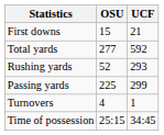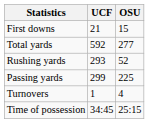 <table class="wikitable" style="float: left;">
 <tr>
 <th>Statistics</th>
+<th>UCF</th>
 <th>OSU</th>
-<th>UCF</th>
 </tr>
 <tr>
 <td>First downs</td>
+<td>21</td>
 <td>15</td>
-<td>21</td>
 </tr>
 <tr>
 <td>Total yards</td>
+<td>592</td>
 <td>277</td>
-<td>592</td>
 </tr>
 <tr>
 <td>Rushing yards</td>
+<td>293</td>
 <td>52</td>
-<td>293</td>
 </tr>
 <tr>
 <td>Passing yards</td>
+<td>299</td>
 <td>225</td>
-<td>299</td>
 </tr>
 <tr>
 <td>Turnovers</td>
+<td>1</td>
 <td>4</td>
-<td>1</td>
 </tr>
 <tr>
 <td>Time of possession</td>
+<td>34:45</td>
 <td>25:15</td>
-<td>34:45</td>
 </tr>
 </table>
